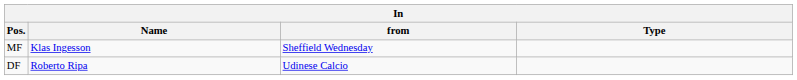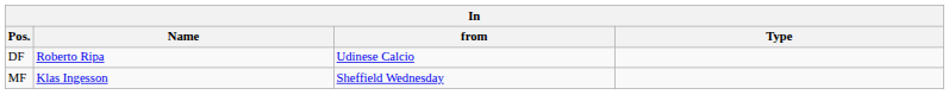 <table class="wikitable" style="font-size:90%;">
 <tr>
 <th colspan="4">In</th>
 </tr>
 <tr>
 <th width=3%>Pos.</th>
 <th width=32%>Name</th>
 <th width=30%>from</th>
 <th width=35%>Type</th>
 </tr>
 <tr>
+<td>DF</td>
+<td><a href='#'>Roberto Ripa</a></td>
+<td><a href='#'>Udinese Calcio</a></td>
+<td></td>
+</tr>
+<tr>
 <td>MF</td>
 <td><a href='#'>Klas Ingesson</a></td>
 <td><a href='#'>Sheffield Wednesday</a></td>
 <td></td>
 </tr>
-<tr>
-<td>DF</td>
-<td><a href='#'>Roberto Ripa</a></td>
-<td><a href='#'>Udinese Calcio</a></td>
-<td></td>
-</tr>
 </table>
